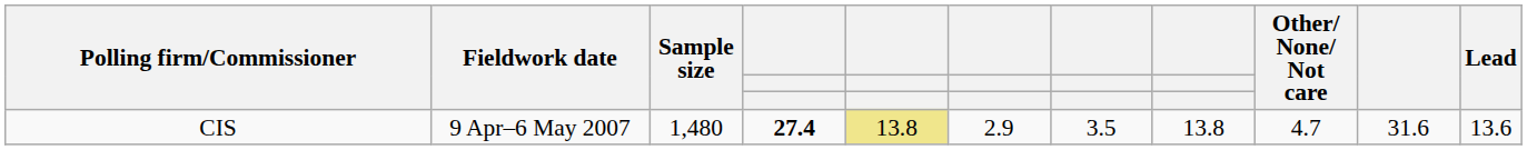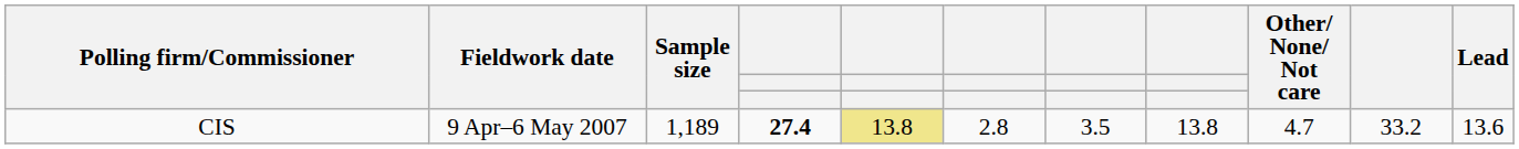 <table class="wikitable collapsible collapsed" style="text-align:center; font-size:90%; line-height:14px;">
 <tr style="height:42px;">
 <th style="width:250px;" rowspan="3">Polling firm/Commissioner</th>
 <th style="width:125px;" rowspan="3">Fieldwork date</th>
 <th style="width:50px;" rowspan="3">Sample size</th>
 <th style="width:55px;"></th>
 <th style="width:55px;"></th>
 <th style="width:55px;"></th>
 <th style="width:55px;"></th>
 <th style="width:55px;"></th>
 <th style="width:55px;" rowspan="3">Other/<br>None/<br>Not<br>care</th>
 <th style="width:55px;" rowspan="3"></th>
 <th style="width:30px;" rowspan="3">Lead</th>
 </tr>
 <tr>
 <th style="color:inherit;background:"></th>
 <th style="color:inherit;background:"></th>
 <th style="color:inherit;background:"></th>
 <th style="color:inherit;background:"></th>
 <th style="color:inherit;background:"></th>
 </tr>
 <tr>
 <th></th>
 <th></th>
 <th></th>
 <th></th>
 <th></th>
 </tr>
 <tr>
 <td>CIS</td>
 <td>9 Apr–6 May 2007</td>
-<td>1,480</td>
+<td>1,189</td>
 <td><strong>27.4</strong></td>
 <td style="background: khaki;">13.8</td>
-<td>2.9</td>
+<td>2.8</td>
 <td>3.5</td>
 <td>13.8</td>
 <td>4.7</td>
-<td>31.6</td>
+<td>33.2</td>
 <td style="background:">13.6</td>
 </tr>
 </table>
